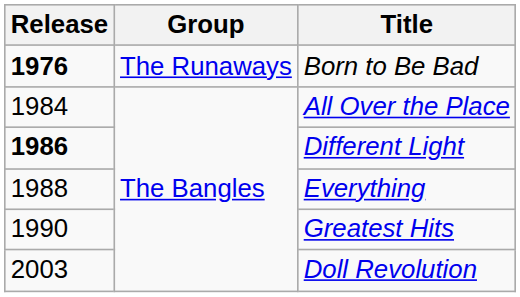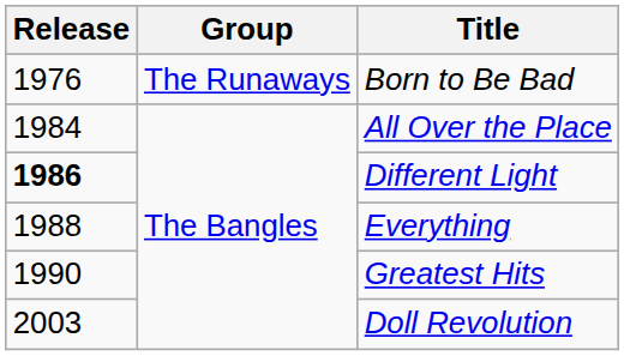 <table class="wikitable">
 <tr>
 <th>Release</th>
 <th>Group</th>
 <th>Title</th>
 </tr>
 <tr>
-<td><strong>1976</strong></td>
+<td>1976</td>
 <td><a href='#'>The Runaways</a></td>
 <td><em>Born to Be Bad</em></td>
 </tr>
 <tr>
 <td>1984</td>
 <td rowspan="5" style="vertical-align:middle;"><a href='#'>The Bangles</a></td>
 <td><em><a href='#'>All Over the Place</a></em></td>
 </tr>
 <tr>
 <td><strong>1986</strong></td>
 <td><em><a href='#'>Different Light</a></em></td>
 </tr>
 <tr>
 <td>1988</td>
 <td><em><a href='#'>Everything</a></em></td>
 </tr>
 <tr>
 <td>1990</td>
 <td><em><a href='#'>Greatest Hits</a></em></td>
 </tr>
 <tr>
 <td>2003</td>
 <td><em><a href='#'>Doll Revolution</a></em></td>
 </tr>
 </table>
